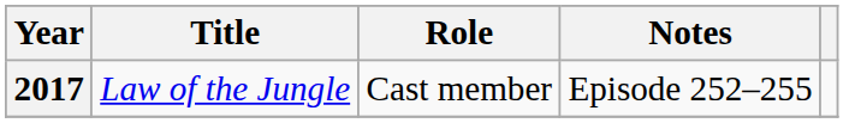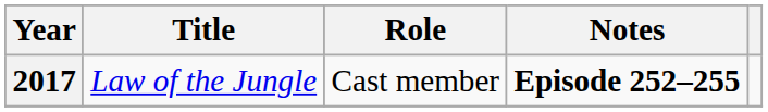 <table class="wikitable sortable plainrowheaders">
 <tr>
 <th scope="col">Year</th>
 <th scope="col">Title</th>
 <th scope="col">Role</th>
 <th scope="col">Notes</th>
 <th scope="col" class="unsortable"></th>
 </tr>
 <tr>
 <th scope="row">2017</th>
 <td><em><a href='#'>Law of the Jungle</a></em></td>
 <td>Cast member</td>
-<td>Episode 252–255</td>
+<td><strong>Episode 252–255</strong></td>
 <td style="text-align:center"></td>
 </tr>
 <tr>
 </tr>
 </table>
